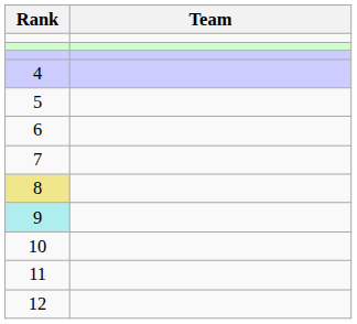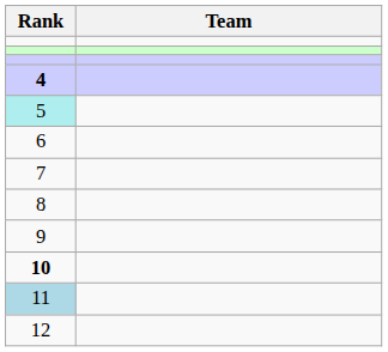 <table class="wikitable" style="text-align: center;">
 <tr>
 <th width=50>Rank</th>
 <th width=240>Team</th>
 </tr>
 <tr>
 <td></td>
 <td align=left></td>
 </tr>
 <tr bgcolor=ccffcc>
 <td></td>
 <td align=left></td>
 </tr>
 <tr bgcolor=ccccff>
 <td></td>
 <td align=left></td>
 </tr>
 <tr bgcolor=ccccff>
-<td>4</td>
+<td><strong>4</strong></td>
 <td align=left></td>
 </tr>
 <tr>
-<td>5</td>
+<td style="background: paleturquoise;">5</td>
 <td align=left></td>
 </tr>
 <tr>
 <td>6</td>
 <td align=left></td>
 </tr>
 <tr>
 <td>7</td>
 <td align=left></td>
 </tr>
 <tr>
-<td style="background: khaki;">8</td>
+<td>8</td>
 <td align=left></td>
 </tr>
 <tr>
-<td style="background: paleturquoise;">9</td>
+<td>9</td>
 <td align=left></td>
 </tr>
 <tr>
-<td>10</td>
+<td><strong>10</strong></td>
 <td align=left></td>
 </tr>
 <tr>
-<td>11</td>
+<td style="background: lightblue;">11</td>
 <td align=left></td>
 </tr>
 <tr>
 <td>12</td>
 <td align=left></td>
 </tr>
 </table>
